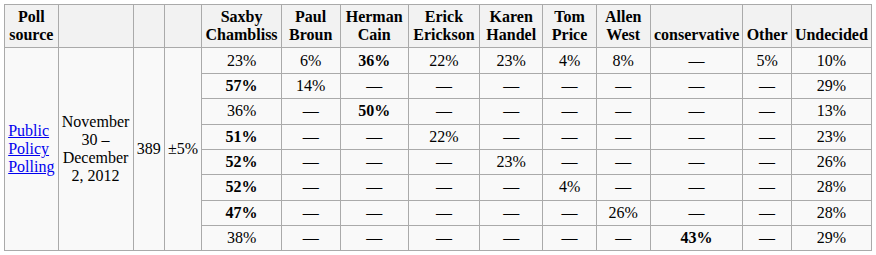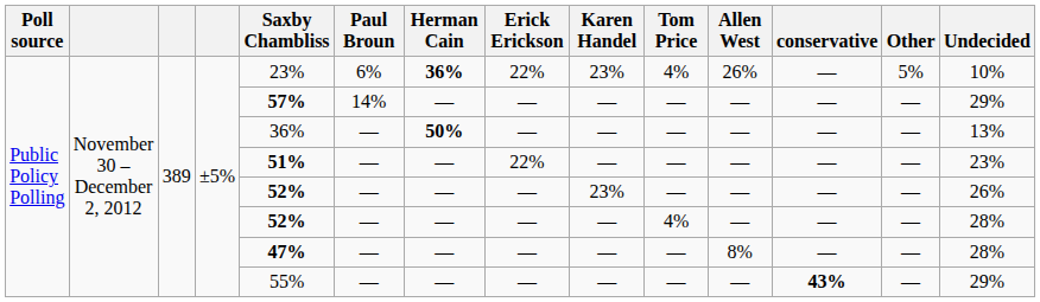 <table class="wikitable" style="text-align:center">
 <tr valign= bottom>
 <th>Poll source</th>
 <th></th>
 <th></th>
 <th></th>
 <th style="width:70px;">Saxby<br>Chambliss</th>
 <th style="width:70px;">Paul<br>Broun</th>
 <th style="width:70px;">Herman<br>Cain</th>
 <th style="width:70px;">Erick<br>Erickson</th>
 <th style="width:70px;">Karen<br>Handel</th>
 <th style="width:70px;">Tom<br>Price</th>
 <th style="width:70px;">Allen<br>West</th>
 <th style="width:70px;"><br>conservative</th>
 <th>Other</th>
 <th>Undecided</th>
 </tr>
 <tr>
 <td align=left rowspan=8><a href='#'>Public Policy Polling</a></td>
 <td rowspan=8>November 30 – December 2, 2012</td>
 <td rowspan=8>389</td>
 <td rowspan=8>±5%</td>
 <td>23%</td>
 <td>6%</td>
 <td><strong>36%</strong></td>
 <td>22%</td>
 <td>23%</td>
 <td>4%</td>
-<td>8%</td>
+<td>26%</td>
 <td>—</td>
 <td>5%</td>
 <td>10%</td>
 </tr>
 <tr>
 <td><strong>57%</strong></td>
 <td>14%</td>
 <td>—</td>
 <td>—</td>
 <td>—</td>
 <td>—</td>
 <td>—</td>
 <td>—</td>
 <td>—</td>
 <td>29%</td>
 </tr>
 <tr>
 <td>36%</td>
 <td>—</td>
 <td><strong>50%</strong></td>
 <td>—</td>
 <td>—</td>
 <td>—</td>
 <td>—</td>
 <td>—</td>
 <td>—</td>
 <td>13%</td>
 </tr>
 <tr>
 <td><strong>51%</strong></td>
 <td>—</td>
 <td>—</td>
 <td>22%</td>
 <td>—</td>
 <td>—</td>
 <td>—</td>
 <td>—</td>
 <td>—</td>
 <td>23%</td>
 </tr>
 <tr>
 <td><strong>52%</strong></td>
 <td>—</td>
 <td>—</td>
 <td>—</td>
 <td>23%</td>
 <td>—</td>
 <td>—</td>
 <td>—</td>
 <td>—</td>
 <td>26%</td>
 </tr>
 <tr>
 <td><strong>52%</strong></td>
 <td>—</td>
 <td>—</td>
 <td>—</td>
 <td>—</td>
 <td>4%</td>
 <td>—</td>
 <td>—</td>
 <td>—</td>
 <td>28%</td>
 </tr>
 <tr>
 <td><strong>47%</strong></td>
 <td>—</td>
 <td>—</td>
 <td>—</td>
 <td>—</td>
 <td>—</td>
-<td>26%</td>
+<td>8%</td>
 <td>—</td>
 <td>—</td>
 <td>28%</td>
 </tr>
 <tr>
-<td>38%</td>
+<td>55%</td>
 <td>—</td>
 <td>—</td>
 <td>—</td>
 <td>—</td>
 <td>—</td>
 <td>—</td>
 <td><strong>43%</strong></td>
 <td>—</td>
 <td>29%</td>
 </tr>
 </table>
